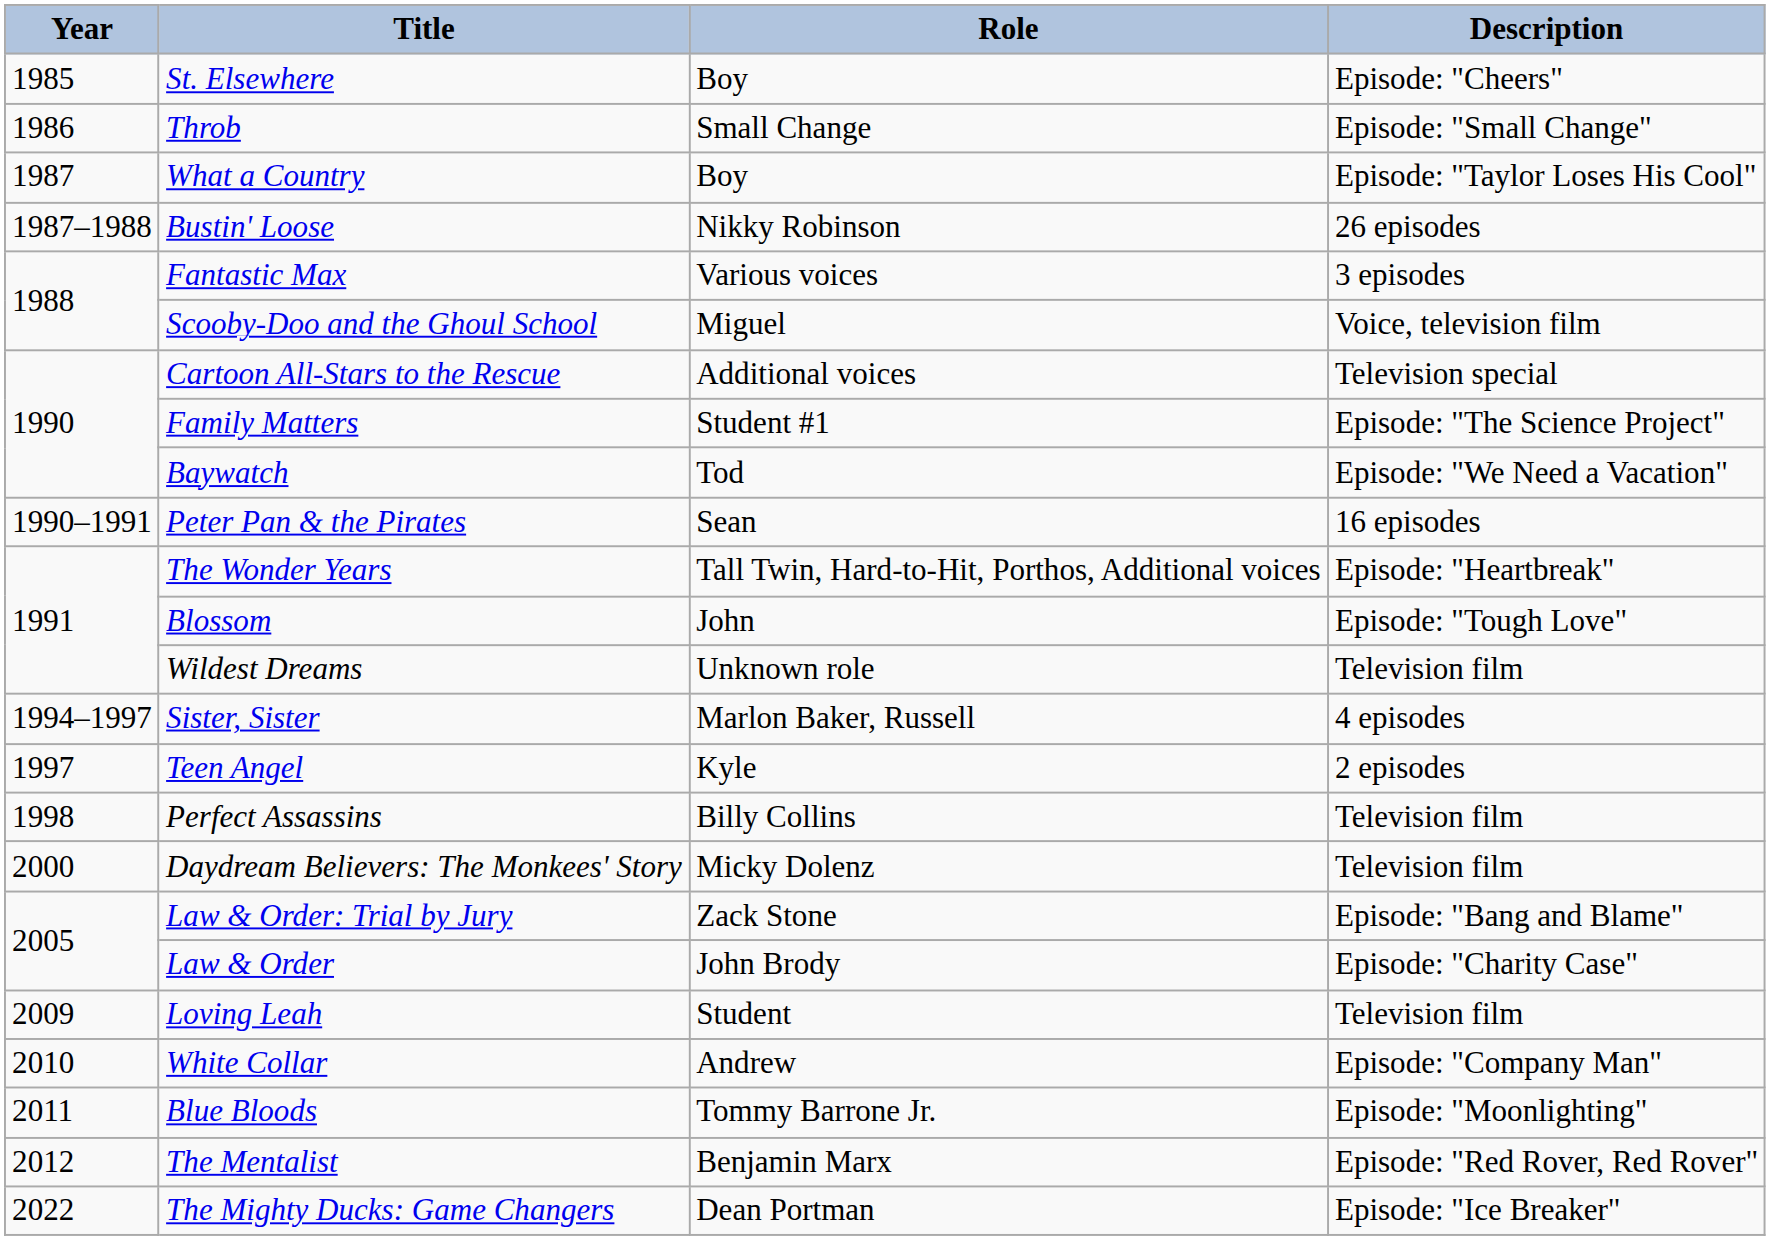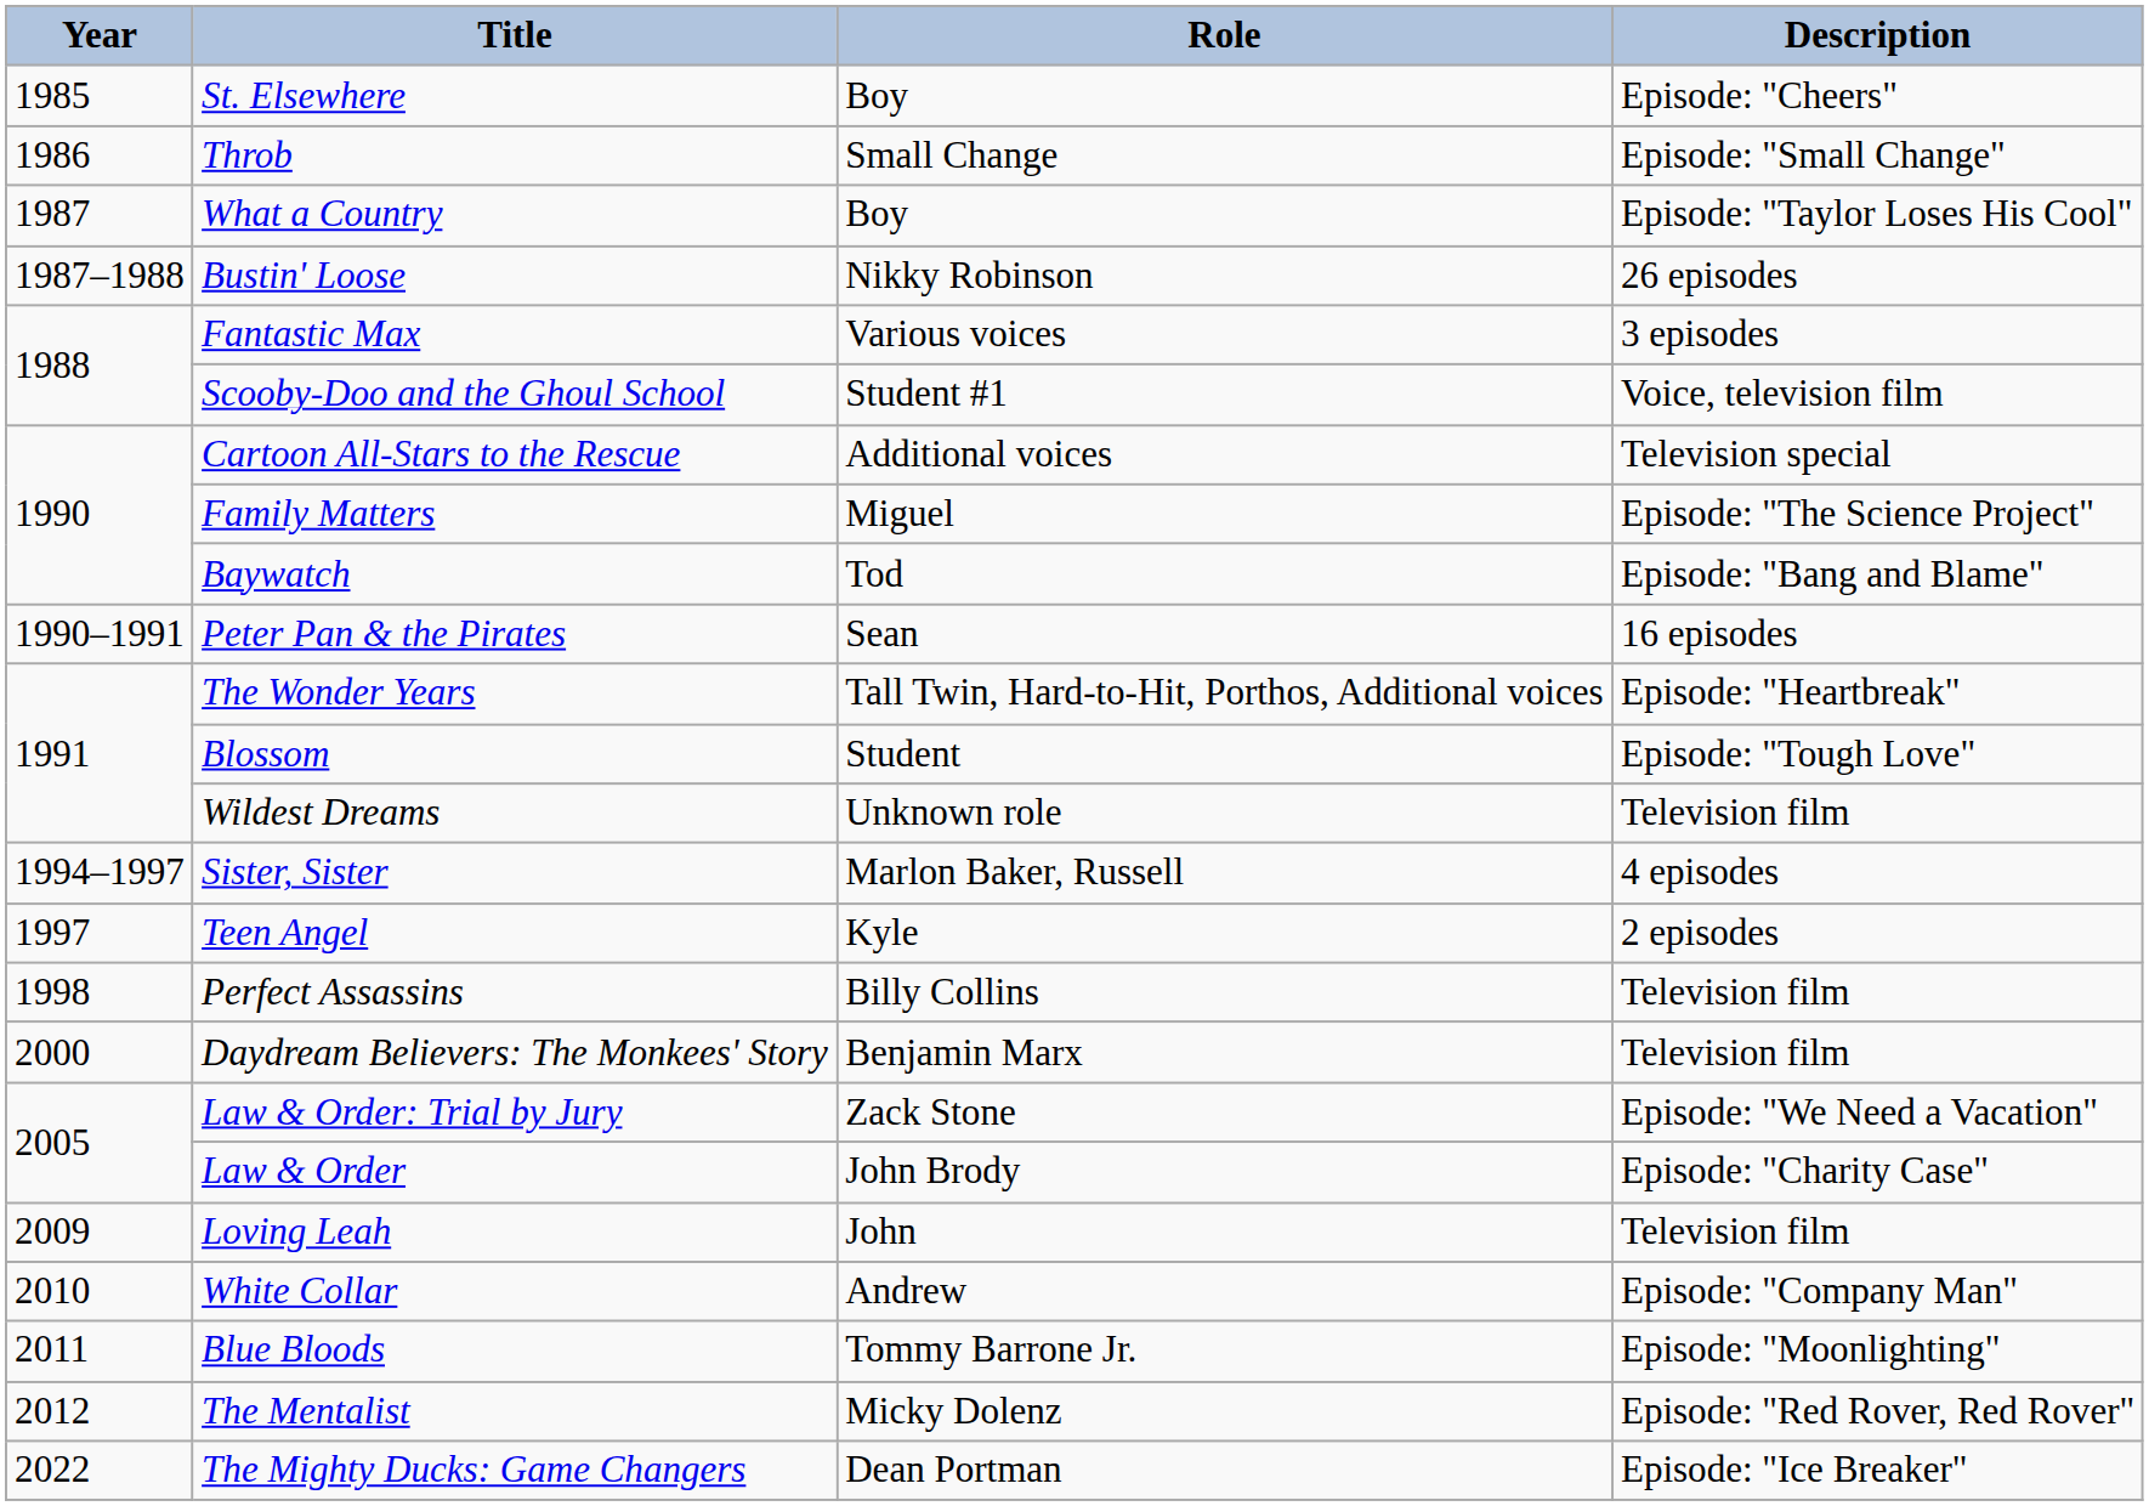 <table class="wikitable" background: #f9f9f9;>
 <tr align="center">
 <th style="background:#B0C4DE;">Year</th>
 <th style="background:#B0C4DE;">Title</th>
 <th style="background:#B0C4DE;">Role</th>
 <th style="background:#B0C4DE;">Description</th>
 </tr>
 <tr>
 <td>1985</td>
 <td><em><a href='#'>St. Elsewhere</a></em></td>
 <td>Boy</td>
 <td>Episode: "Cheers"</td>
 </tr>
 <tr>
 <td>1986</td>
 <td><em><a href='#'>Throb</a></em></td>
 <td>Small Change</td>
 <td>Episode: "Small Change"</td>
 </tr>
 <tr>
 <td>1987</td>
 <td><em><a href='#'>What a Country</a></em></td>
 <td>Boy</td>
 <td>Episode: "Taylor Loses His Cool"</td>
 </tr>
 <tr>
 <td>1987–1988</td>
 <td><em><a href='#'>Bustin' Loose</a></em></td>
 <td>Nikky Robinson</td>
 <td>26 episodes</td>
 </tr>
 <tr>
 <td rowspan="2">1988</td>
 <td><em><a href='#'>Fantastic Max</a></em></td>
 <td>Various voices</td>
 <td>3 episodes</td>
 </tr>
 <tr>
 <td><em><a href='#'>Scooby-Doo and the Ghoul School</a></em></td>
-<td>Miguel</td>
+<td>Student #1</td>
 <td>Voice, television film</td>
 </tr>
 <tr>
 <td rowspan="3">1990</td>
 <td><em><a href='#'>Cartoon All-Stars to the Rescue</a></em></td>
 <td>Additional voices</td>
 <td>Television special</td>
 </tr>
 <tr>
 <td><em><a href='#'>Family Matters</a></em></td>
-<td>Student #1</td>
+<td>Miguel</td>
 <td>Episode: "The Science Project"</td>
 </tr>
 <tr>
 <td><em><a href='#'>Baywatch</a></em></td>
 <td>Tod</td>
-<td>Episode: "We Need a Vacation"</td>
+<td>Episode: "Bang and Blame"</td>
 </tr>
 <tr>
 <td>1990–1991</td>
 <td><em><a href='#'>Peter Pan & the Pirates</a></em></td>
 <td>Sean</td>
 <td>16 episodes</td>
 </tr>
 <tr>
 <td rowspan="3">1991</td>
 <td><em><a href='#'>The Wonder Years</a></em></td>
 <td>Tall Twin, Hard-to-Hit, Porthos, Additional voices</td>
 <td>Episode: "Heartbreak"</td>
 </tr>
 <tr>
 <td><em><a href='#'>Blossom</a></em></td>
-<td>John</td>
+<td>Student</td>
 <td>Episode: "Tough Love"</td>
 </tr>
 <tr>
 <td><em>Wildest Dreams</em></td>
 <td>Unknown role</td>
 <td>Television film</td>
 </tr>
 <tr>
 <td>1994–1997</td>
 <td><em><a href='#'>Sister, Sister</a></em></td>
 <td>Marlon Baker, Russell</td>
 <td>4 episodes</td>
 </tr>
 <tr>
 <td>1997</td>
 <td><em><a href='#'>Teen Angel</a></em></td>
 <td>Kyle</td>
 <td>2 episodes</td>
 </tr>
 <tr>
 <td>1998</td>
 <td><em>Perfect Assassins</em></td>
 <td>Billy Collins</td>
 <td>Television film</td>
 </tr>
 <tr>
 <td>2000</td>
 <td><em>Daydream Believers: The Monkees' Story</em></td>
-<td>Micky Dolenz</td>
+<td>Benjamin Marx</td>
 <td>Television film</td>
 </tr>
 <tr>
 <td rowspan="2">2005</td>
 <td><em><a href='#'>Law & Order: Trial by Jury</a></em></td>
 <td>Zack Stone</td>
-<td>Episode: "Bang and Blame"</td>
+<td>Episode: "We Need a Vacation"</td>
 </tr>
 <tr>
 <td><em><a href='#'>Law & Order</a></em></td>
 <td>John Brody</td>
 <td>Episode:  "Charity Case"</td>
 </tr>
 <tr>
 <td>2009</td>
 <td><em><a href='#'>Loving Leah</a></em></td>
-<td>Student</td>
+<td>John</td>
 <td>Television film</td>
 </tr>
 <tr>
 <td>2010</td>
 <td><em><a href='#'>White Collar</a></em></td>
 <td>Andrew</td>
 <td>Episode: "Company Man"</td>
 </tr>
 <tr>
 <td>2011</td>
 <td><em><a href='#'>Blue Bloods</a></em></td>
 <td>Tommy Barrone Jr.</td>
 <td>Episode: "Moonlighting"</td>
 </tr>
 <tr>
 <td>2012</td>
 <td><em><a href='#'>The Mentalist</a></em></td>
-<td>Benjamin Marx</td>
+<td>Micky Dolenz</td>
 <td>Episode: "Red Rover, Red Rover"</td>
 </tr>
 <tr>
 <td>2022</td>
 <td><em><a href='#'>The Mighty Ducks: Game Changers</a></em></td>
 <td>Dean Portman</td>
 <td>Episode: "Ice Breaker"</td>
 </tr>
 </table>
